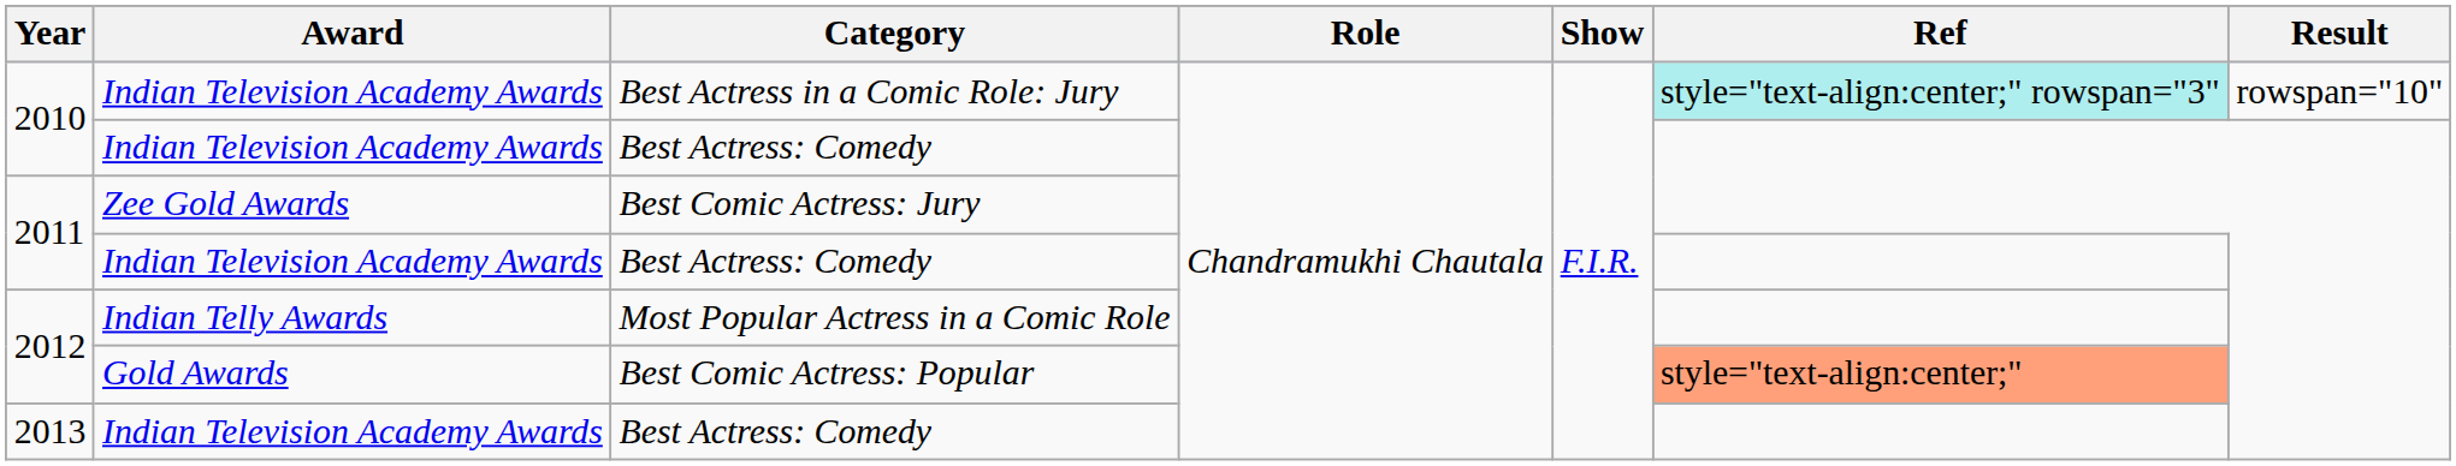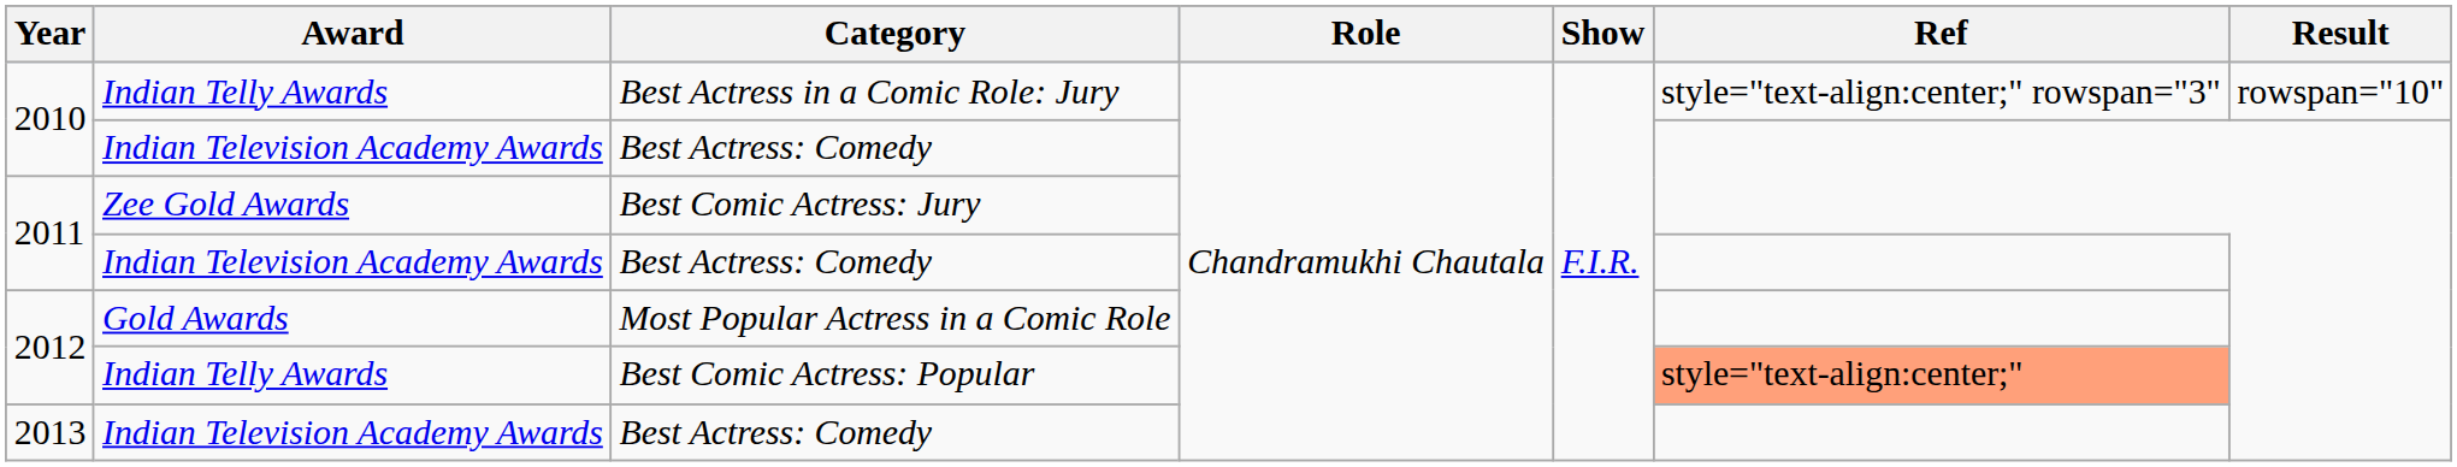 <table class="wikitable">
 <tr style="background:#b0c4de; text-align:center;">
 <th>Year</th>
 <th>Award</th>
 <th>Category</th>
 <th>Role</th>
 <th>Show</th>
 <th>Ref</th>
 <th>Result</th>
 </tr>
 <tr>
 <td rowspan="2">2010</td>
-<td><em><a href='#'>Indian Television Academy Awards</a></em></td>
+<td><em><a href='#'>Indian Telly Awards</a></em></td>
 <td><em>Best Actress in a Comic Role: Jury</em></td>
 <td rowspan="8"><em>Chandramukhi Chautala</em></td>
 <td rowspan="8"><em><a href='#'>F.I.R.</a></em></td>
-<td style="background: paleturquoise;">style="text-align:center;" rowspan="3" </td>
+<td>style="text-align:center;" rowspan="3" </td>
 <td>rowspan="10" </td>
 </tr>
 <tr>
 <td><em><a href='#'>Indian Television Academy Awards</a></em></td>
 <td><em>Best Actress: Comedy</em></td>
 </tr>
 <tr>
 <td rowspan="2">2011</td>
 <td><em><a href='#'>Zee Gold Awards</a></em></td>
 <td><em>Best Comic Actress: Jury</em></td>
 </tr>
 <tr>
 <td><em><a href='#'>Indian Television Academy Awards</a></em></td>
 <td><em>Best Actress: Comedy</em></td>
 <td style="text-align:center;"></td>
 </tr>
 <tr>
 <td rowspan="2">2012</td>
-<td><em><a href='#'>Indian Telly Awards</a></em></td>
+<td><em><a href='#'>Gold Awards</a></em></td>
 <td><em>Most Popular Actress in a Comic Role</em></td>
 <td style="text-align:center;"></td>
 </tr>
 <tr>
-<td><em><a href='#'>Gold Awards</a></em></td>
+<td><em><a href='#'>Indian Telly Awards</a></em></td>
 <td><em>Best Comic Actress: Popular</em></td>
 <td style="background: lightsalmon;">style="text-align:center;" </td>
 </tr>
 <tr>
 <td>2013</td>
 <td><em><a href='#'>Indian Television Academy Awards</a></em></td>
 <td><em>Best Actress: Comedy</em></td>
 <td style="text-align:center;"></td>
 </tr>
 </table>
